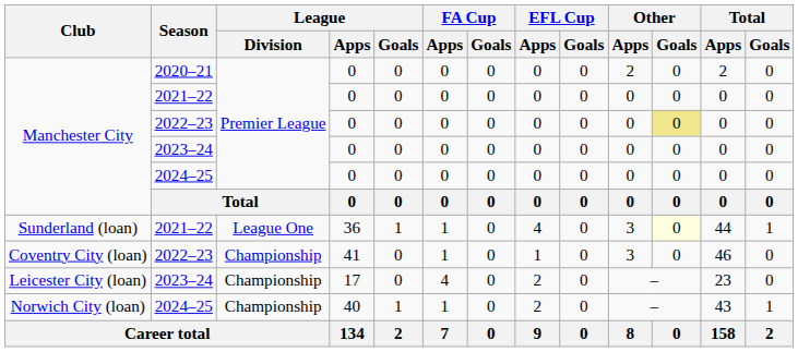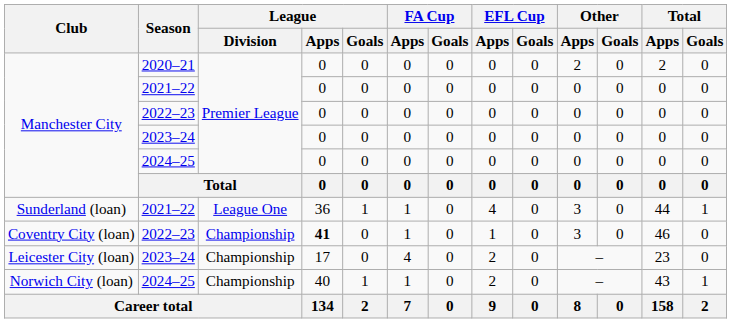 <table class=wikitable style="text-align: center;">
 <tr>
 <th rowspan="2">Club</th>
 <th rowspan="2">Season</th>
 <th colspan="3">League</th>
 <th colspan="2"><a href='#'>FA Cup</a></th>
 <th colspan="2"><a href='#'>EFL Cup</a></th>
 <th colspan="2">Other</th>
 <th colspan="2">Total</th>
 </tr>
 <tr>
 <th>Division</th>
 <th>Apps</th>
 <th>Goals</th>
 <th>Apps</th>
 <th>Goals</th>
 <th>Apps</th>
 <th>Goals</th>
 <th>Apps</th>
 <th>Goals</th>
 <th>Apps</th>
 <th>Goals</th>
 </tr>
 <tr>
 <td rowspan="6"><a href='#'>Manchester City</a></td>
 <td><a href='#'>2020–21</a></td>
 <td rowspan="5"><a href='#'>Premier League</a></td>
 <td>0</td>
 <td>0</td>
 <td>0</td>
 <td>0</td>
 <td>0</td>
 <td>0</td>
 <td>2</td>
 <td>0</td>
 <td>2</td>
 <td>0</td>
 </tr>
 <tr>
 <td><a href='#'>2021–22</a></td>
 <td>0</td>
 <td>0</td>
 <td>0</td>
 <td>0</td>
 <td>0</td>
 <td>0</td>
 <td>0</td>
 <td>0</td>
 <td>0</td>
 <td>0</td>
 </tr>
 <tr>
 <td><a href='#'>2022–23</a></td>
 <td>0</td>
 <td>0</td>
 <td>0</td>
 <td>0</td>
 <td>0</td>
 <td>0</td>
 <td>0</td>
-<td style="background: khaki;">0</td>
+<td>0</td>
 <td>0</td>
 <td>0</td>
 </tr>
 <tr>
 <td><a href='#'>2023–24</a></td>
 <td>0</td>
 <td>0</td>
 <td>0</td>
 <td>0</td>
 <td>0</td>
 <td>0</td>
 <td>0</td>
 <td>0</td>
 <td>0</td>
 <td>0</td>
 </tr>
 <tr>
 <td><a href='#'>2024–25</a></td>
 <td>0</td>
 <td>0</td>
 <td>0</td>
 <td>0</td>
 <td>0</td>
 <td>0</td>
 <td>0</td>
 <td>0</td>
 <td>0</td>
 <td>0</td>
 </tr>
 <tr>
 <th colspan="2">Total</th>
 <th>0</th>
 <th>0</th>
 <th>0</th>
 <th>0</th>
 <th>0</th>
 <th>0</th>
 <th>0</th>
 <th>0</th>
 <th>0</th>
 <th>0</th>
 </tr>
 <tr>
 <td><a href='#'>Sunderland</a> (loan)</td>
 <td><a href='#'>2021–22</a></td>
 <td><a href='#'>League One</a></td>
 <td>36</td>
 <td>1</td>
 <td>1</td>
 <td>0</td>
 <td>4</td>
 <td>0</td>
 <td>3</td>
-<td style="background: lightyellow;">0</td>
+<td>0</td>
 <td>44</td>
 <td>1</td>
 </tr>
 <tr>
 <td><a href='#'>Coventry City</a> (loan)</td>
 <td><a href='#'>2022–23</a></td>
 <td><a href='#'>Championship</a></td>
-<td>41</td>
+<td><strong>41</strong></td>
 <td>0</td>
 <td>1</td>
 <td>0</td>
 <td>1</td>
 <td>0</td>
 <td>3</td>
 <td>0</td>
 <td>46</td>
 <td>0</td>
 </tr>
 <tr>
 <td><a href='#'>Leicester City</a> (loan)</td>
 <td><a href='#'>2023–24</a></td>
 <td>Championship</td>
 <td>17</td>
 <td>0</td>
 <td>4</td>
 <td>0</td>
 <td>2</td>
 <td>0</td>
 <td colspan="2">–</td>
 <td>23</td>
 <td>0</td>
 </tr>
 <tr>
 <td><a href='#'>Norwich City</a> (loan)</td>
 <td><a href='#'>2024–25</a></td>
 <td>Championship</td>
 <td>40</td>
 <td>1</td>
 <td>1</td>
 <td>0</td>
 <td>2</td>
 <td>0</td>
 <td colspan="2">–</td>
 <td>43</td>
 <td>1</td>
 </tr>
 <tr>
 <th colspan="3">Career total</th>
 <th>134</th>
 <th>2</th>
 <th>7</th>
 <th>0</th>
 <th>9</th>
 <th>0</th>
 <th>8</th>
 <th>0</th>
 <th>158</th>
 <th>2</th>
 </tr>
 </table>
